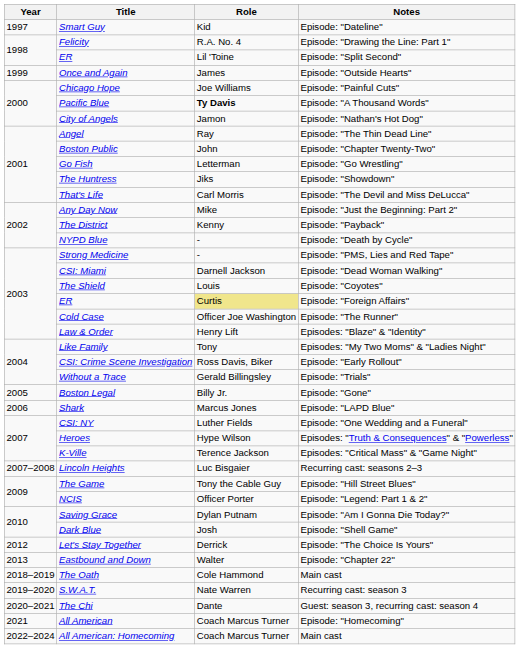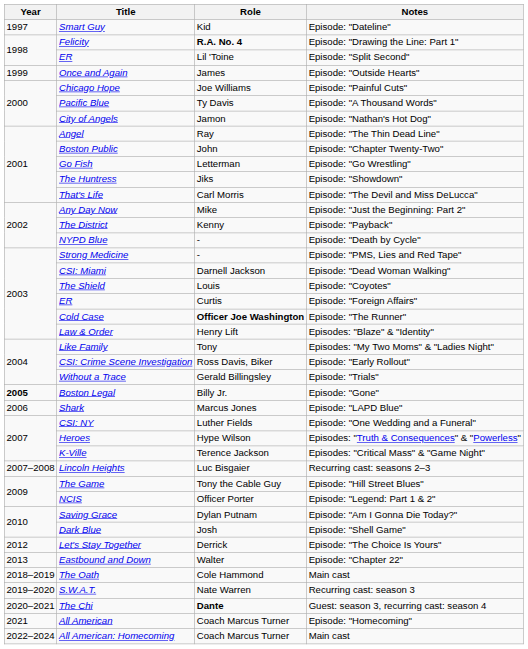 <table class="wikitable sortable">
 <tr>
 <th>Year</th>
 <th>Title</th>
 <th>Role</th>
 <th class="unsortable">Notes</th>
 </tr>
 <tr>
 <td>1997</td>
 <td><em><a href='#'>Smart Guy</a></em></td>
 <td>Kid</td>
 <td>Episode: "Dateline"</td>
 </tr>
 <tr>
 <td rowspan="2">1998</td>
 <td><em><a href='#'>Felicity</a></em></td>
-<td>R.A. No. 4</td>
+<td><strong>R.A. No. 4</strong></td>
 <td>Episode: "Drawing the Line: Part 1"</td>
 </tr>
 <tr>
 <td><em><a href='#'>ER</a></em></td>
 <td>Lil 'Toine</td>
 <td>Episode: "Split Second"</td>
 </tr>
 <tr>
 <td>1999</td>
 <td><em><a href='#'>Once and Again</a></em></td>
 <td>James</td>
 <td>Episode: "Outside Hearts"</td>
 </tr>
 <tr>
 <td rowspan="3">2000</td>
 <td><em><a href='#'>Chicago Hope</a></em></td>
 <td>Joe Williams</td>
 <td>Episode: "Painful Cuts"</td>
 </tr>
 <tr>
 <td><em><a href='#'>Pacific Blue</a></em></td>
-<td><strong>Ty Davis</strong></td>
+<td>Ty Davis</td>
 <td>Episode: "A Thousand Words"</td>
 </tr>
 <tr>
 <td><em><a href='#'>City of Angels</a></em></td>
 <td>Jamon</td>
 <td>Episode: "Nathan's Hot Dog"</td>
 </tr>
 <tr>
 <td rowspan="5">2001</td>
 <td><em><a href='#'>Angel</a></em></td>
 <td>Ray</td>
 <td>Episode: "The Thin Dead Line"</td>
 </tr>
 <tr>
 <td><em><a href='#'>Boston Public</a></em></td>
 <td>John</td>
 <td>Episode: "Chapter Twenty-Two"</td>
 </tr>
 <tr>
 <td><em><a href='#'>Go Fish</a></em></td>
 <td>Letterman</td>
 <td>Episode: "Go Wrestling"</td>
 </tr>
 <tr>
 <td><em><a href='#'>The Huntress</a></em></td>
 <td>Jiks</td>
 <td>Episode: "Showdown"</td>
 </tr>
 <tr>
 <td><em><a href='#'>That's Life</a></em></td>
 <td>Carl Morris</td>
 <td>Episode: "The Devil and Miss DeLucca"</td>
 </tr>
 <tr>
 <td rowspan="3">2002</td>
 <td><em><a href='#'>Any Day Now</a></em></td>
 <td>Mike</td>
 <td>Episode: "Just the Beginning: Part 2"</td>
 </tr>
 <tr>
 <td><em><a href='#'>The District</a></em></td>
 <td>Kenny</td>
 <td>Episode: "Payback"</td>
 </tr>
 <tr>
 <td><em><a href='#'>NYPD Blue</a></em></td>
 <td>-</td>
 <td>Episode: "Death by Cycle"</td>
 </tr>
 <tr>
 <td rowspan="6">2003</td>
 <td><em><a href='#'>Strong Medicine</a></em></td>
 <td>-</td>
 <td>Episode: "PMS, Lies and Red Tape"</td>
 </tr>
 <tr>
 <td><em><a href='#'>CSI: Miami</a></em></td>
 <td>Darnell Jackson</td>
 <td>Episode: "Dead Woman Walking"</td>
 </tr>
 <tr>
 <td><em><a href='#'>The Shield</a></em></td>
 <td>Louis</td>
 <td>Episode: "Coyotes"</td>
 </tr>
 <tr>
 <td><em><a href='#'>ER</a></em></td>
-<td style="background: khaki;">Curtis</td>
+<td>Curtis</td>
 <td>Episode: "Foreign Affairs"</td>
 </tr>
 <tr>
 <td><em><a href='#'>Cold Case</a></em></td>
-<td>Officer Joe Washington</td>
+<td><strong>Officer Joe Washington</strong></td>
 <td>Episode: "The Runner"</td>
 </tr>
 <tr>
 <td><em><a href='#'>Law & Order</a></em></td>
 <td>Henry Lift</td>
 <td>Episodes: "Blaze" & "Identity"</td>
 </tr>
 <tr>
 <td rowspan="3">2004</td>
 <td><em><a href='#'>Like Family</a></em></td>
 <td>Tony</td>
 <td>Episodes: "My Two Moms" & "Ladies Night"</td>
 </tr>
 <tr>
 <td><em><a href='#'>CSI: Crime Scene Investigation</a></em></td>
 <td>Ross Davis, Biker</td>
 <td>Episode: "Early Rollout"</td>
 </tr>
 <tr>
 <td><em><a href='#'>Without a Trace</a></em></td>
 <td>Gerald Billingsley</td>
 <td>Episode: "Trials"</td>
 </tr>
 <tr>
-<td>2005</td>
+<td><strong>2005</strong></td>
 <td><em><a href='#'>Boston Legal</a></em></td>
 <td>Billy Jr.</td>
 <td>Episode: "Gone"</td>
 </tr>
 <tr>
 <td>2006</td>
 <td><em><a href='#'>Shark</a></em></td>
 <td>Marcus Jones</td>
 <td>Episode: "LAPD Blue"</td>
 </tr>
 <tr>
 <td rowspan="3">2007</td>
 <td><em><a href='#'>CSI: NY</a></em></td>
 <td>Luther Fields</td>
 <td>Episode: "One Wedding and a Funeral"</td>
 </tr>
 <tr>
 <td><em><a href='#'>Heroes</a></em></td>
 <td>Hype Wilson</td>
 <td>Episodes: "<a href='#'>Truth & Consequences</a>" & "<a href='#'>Powerless</a>"</td>
 </tr>
 <tr>
 <td><em><a href='#'>K-Ville</a></em></td>
 <td>Terence Jackson</td>
 <td>Episodes: "Critical Mass" & "Game Night"</td>
 </tr>
 <tr>
 <td>2007–2008</td>
 <td><em><a href='#'>Lincoln Heights</a></em></td>
 <td>Luc Bisgaier</td>
 <td>Recurring cast: seasons 2–3</td>
 </tr>
 <tr>
 <td rowspan="2">2009</td>
 <td><em><a href='#'>The Game</a></em></td>
 <td>Tony the Cable Guy</td>
 <td>Episode: "Hill Street Blues"</td>
 </tr>
 <tr>
 <td><em><a href='#'>NCIS</a></em></td>
 <td>Officer Porter</td>
 <td>Episode: "Legend: Part 1 & 2"</td>
 </tr>
 <tr>
 <td rowspan="2">2010</td>
 <td><em><a href='#'>Saving Grace</a></em></td>
 <td>Dylan Putnam</td>
 <td>Episode: "Am I Gonna Die Today?"</td>
 </tr>
 <tr>
 <td><em><a href='#'>Dark Blue</a></em></td>
 <td>Josh</td>
 <td>Episode: "Shell Game"</td>
 </tr>
 <tr>
 <td>2012</td>
 <td><em><a href='#'>Let's Stay Together</a></em></td>
 <td>Derrick</td>
 <td>Episode: "The Choice Is Yours"</td>
 </tr>
 <tr>
 <td>2013</td>
 <td><em><a href='#'>Eastbound and Down</a></em></td>
 <td>Walter</td>
 <td>Episode: "Chapter 22"</td>
 </tr>
 <tr>
 <td>2018–2019</td>
 <td><em><a href='#'>The Oath</a></em></td>
 <td>Cole Hammond</td>
 <td>Main cast</td>
 </tr>
 <tr>
 <td>2019–2020</td>
 <td><em><a href='#'>S.W.A.T.</a></em></td>
 <td>Nate Warren</td>
 <td>Recurring cast: season 3</td>
 </tr>
 <tr>
 <td>2020–2021</td>
 <td><em><a href='#'>The Chi</a></em></td>
-<td>Dante</td>
+<td><strong>Dante</strong></td>
 <td>Guest: season 3, recurring cast: season 4</td>
 </tr>
 <tr>
 <td>2021</td>
 <td><em><a href='#'>All American</a></em></td>
 <td>Coach Marcus Turner</td>
 <td>Episode: "Homecoming"</td>
 </tr>
 <tr>
 <td>2022–2024</td>
 <td><em><a href='#'>All American: Homecoming</a></em></td>
 <td>Coach Marcus Turner</td>
 <td>Main cast</td>
 </tr>
 </table>
